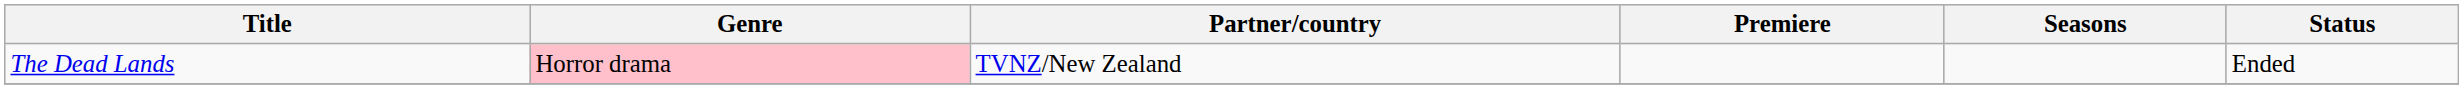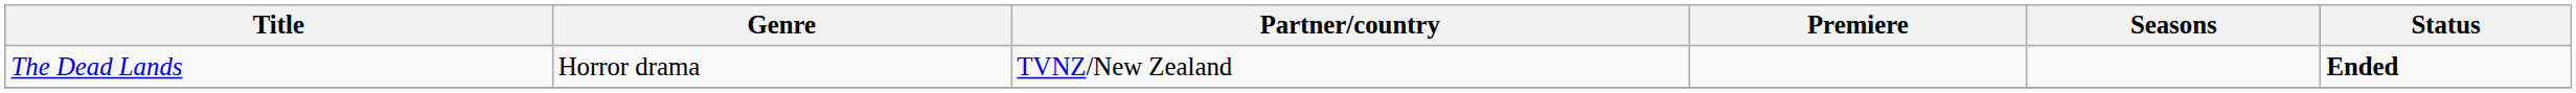 <table class="wikitable sortable" style="width:100%;">
 <tr>
 <th>Title</th>
 <th>Genre</th>
 <th>Partner/country</th>
 <th>Premiere</th>
 <th>Seasons</th>
 <th>Status</th>
 </tr>
 <tr>
 <td><em><a href='#'>The Dead Lands</a></em></td>
-<td style="background: pink;">Horror drama</td>
+<td>Horror drama</td>
 <td><a href='#'>TVNZ</a>/New Zealand</td>
 <td></td>
 <td></td>
-<td>Ended</td>
+<td><strong>Ended</strong></td>
 </tr>
 <tr>
 </tr>
 </table>
